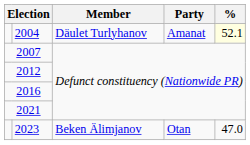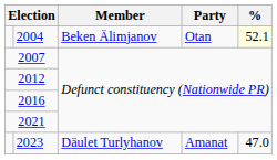 <table class="wikitable">
 <tr>
 <th colspan="2">Election</th>
 <th>Member</th>
 <th>Party</th>
 <th>%</th>
 </tr>
 <tr>
 <td style="background-color: "></td>
 <td><a href='#'>2004</a></td>
-<td><a href='#'>Däulet Turlyhanov</a></td>
-<td><a href='#'>Amanat</a></td>
+<td><a href='#'>Beken Älimjanov</a></td>
+<td><a href='#'>Otan</a></td>
 <td align="right" style="background: lightyellow;">52.1</td>
 </tr>
 <tr>
 <td colspan="2" align="center"><a href='#'>2007</a></td>
 <td colspan="3" rowspan="4"><em>Defunct constituency (<a href='#'>Nationwide PR</a>)</em></td>
 </tr>
 <tr>
 <td colspan="2" align="center"><a href='#'>2012</a></td>
 </tr>
 <tr>
 <td colspan="2" align="center"><a href='#'>2016</a></td>
 </tr>
 <tr>
 <td colspan="2" align="center"><a href='#'>2021</a></td>
 </tr>
 <tr>
 <td style="background-color: "></td>
 <td><a href='#'>2023</a></td>
-<td><a href='#'>Beken Älimjanov</a></td>
-<td><a href='#'>Otan</a></td>
+<td><a href='#'>Däulet Turlyhanov</a></td>
+<td><a href='#'>Amanat</a></td>
 <td align="right">47.0</td>
 </tr>
 </table>
